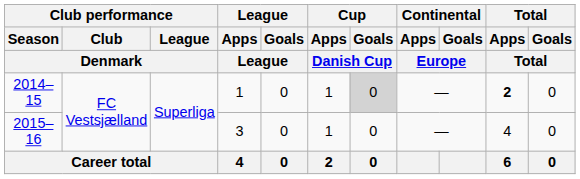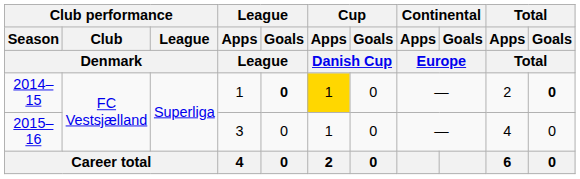 <table class="wikitable" style="text-align:center">
 <tr>
 <th colspan="3">Club performance</th>
 <th colspan="2">League</th>
 <th colspan="2">Cup</th>
 <th colspan="2">Continental</th>
 <th colspan="2">Total</th>
 </tr>
 <tr>
 <th>Season</th>
 <th>Club</th>
 <th>League</th>
 <th>Apps</th>
 <th>Goals</th>
 <th>Apps</th>
 <th>Goals</th>
 <th>Apps</th>
 <th>Goals</th>
 <th>Apps</th>
 <th>Goals</th>
 </tr>
 <tr>
 <th colspan="3">Denmark</th>
 <th colspan="2">League</th>
 <th colspan="2"><a href='#'>Danish Cup</a></th>
 <th colspan="2"><a href='#'>Europe</a></th>
 <th colspan="2">Total</th>
 </tr>
 <tr>
 <td><a href='#'>2014–15</a></td>
 <td rowspan="2"><a href='#'>FC Vestsjælland</a></td>
 <td rowspan="2"><a href='#'>Superliga</a></td>
 <td>1</td>
+<td><strong>0</strong></td>
+<td style="background: gold;">1</td>
 <td>0</td>
-<td>1</td>
-<td style="background: lightgrey;">0</td>
 <td colspan="2">—</td>
-<td><strong>2</strong></td>
-<td>0</td>
+<td>2</td>
+<td><strong>0</strong></td>
 </tr>
 <tr>
 <td><a href='#'>2015–16</a></td>
 <td>3</td>
 <td>0</td>
 <td>1</td>
 <td>0</td>
 <td colspan="2">—</td>
 <td>4</td>
 <td>0</td>
 </tr>
 <tr>
 <th colspan="3">Career total</th>
 <th>4</th>
 <th>0</th>
 <th>2</th>
 <th>0</th>
 <th></th>
 <th></th>
 <th>6</th>
 <th>0</th>
 </tr>
 </table>
